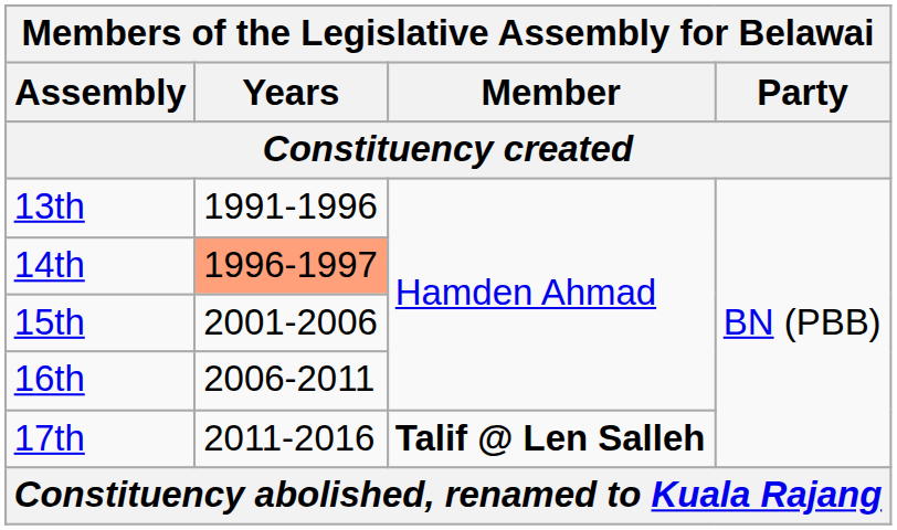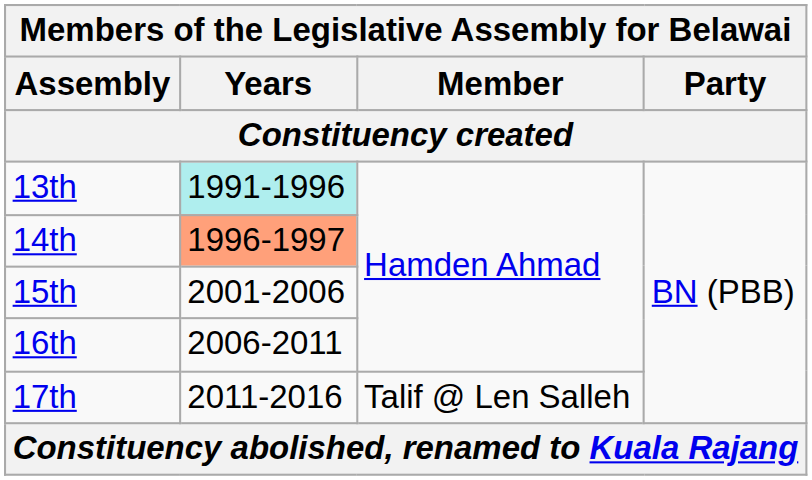 <table class=wikitable>
 <tr>
 <th colspan="4">Members of the Legislative Assembly for Belawai</th>
 </tr>
 <tr>
 <th>Assembly</th>
 <th>Years</th>
 <th>Member</th>
 <th>Party</th>
 </tr>
 <tr>
 <th colspan=4 align=center><em>Constituency created</em></th>
 </tr>
 <tr>
 <td><a href='#'>13th</a></td>
-<td>1991-1996</td>
+<td style="background: paleturquoise;">1991-1996</td>
 <td rowspan=4><a href='#'>Hamden Ahmad</a></td>
 <td rowspan=5><a href='#'>BN</a> (PBB)</td>
 </tr>
 <tr>
 <td><a href='#'>14th</a></td>
 <td style="background: lightsalmon;">1996-1997</td>
 </tr>
 <tr>
 <td><a href='#'>15th</a></td>
 <td>2001-2006</td>
 </tr>
 <tr>
 <td><a href='#'>16th</a></td>
 <td>2006-2011</td>
 </tr>
 <tr>
 <td><a href='#'>17th</a></td>
 <td>2011-2016</td>
-<td><strong>Talif @ Len Salleh</strong></td>
+<td>Talif @ Len Salleh</td>
 </tr>
 <tr>
 <th colspan=4 align=center><em>Constituency abolished, renamed to <a href='#'>Kuala Rajang</a></em></th>
 </tr>
 </table>
